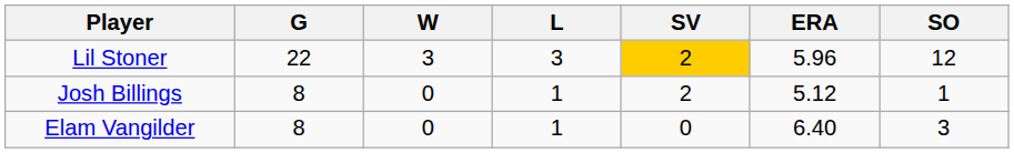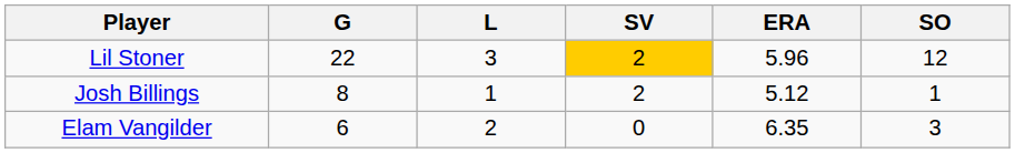 <table class="wikitable sortable">
 <tr>
 <th bgcolor="#DDDDFF" width="16%">Player</th>
 <th bgcolor="#DDDDFF" width="9%">G</th>
-<th bgcolor="#DDDDFF" width="9%">W</th>
 <th bgcolor="#DDDDFF" width="9%">L</th>
 <th bgcolor="#DDDDFF" width="9%">SV</th>
 <th bgcolor="#DDDDFF" width="9%">ERA</th>
 <th bgcolor="#DDDDFF" width="9%">SO</th>
 </tr>
 <tr align="center">
 <td><a href='#'>Lil Stoner</a></td>
 <td>22</td>
 <td>3</td>
-<td>3</td>
 <td style="background:#fc0;">2</td>
 <td>5.96</td>
 <td>12</td>
 </tr>
 <tr align=center>
 <td><a href='#'>Josh Billings</a></td>
 <td>8</td>
-<td>0</td>
 <td>1</td>
 <td>2</td>
 <td>5.12</td>
 <td>1</td>
 </tr>
 <tr align=center>
 <td><a href='#'>Elam Vangilder</a></td>
-<td>8</td>
+<td>6</td>
+<td>2</td>
 <td>0</td>
-<td>1</td>
-<td>0</td>
-<td>6.40</td>
+<td>6.35</td>
 <td>3</td>
 </tr>
 </table>
